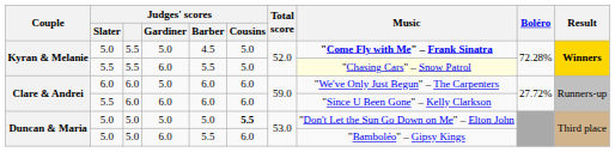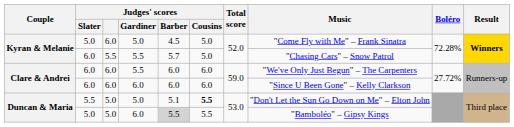 <table class="wikitable sortable" style="text-align:center; font-size:90%">
 <tr>
 <th scope="col" rowspan=2>Couple</th>
 <th scope="col" colspan=5 class="unsortable">Judges' scores</th>
 <th scope="col" rowspan=2>Total<br>score</th>
 <th scope="col" rowspan=2 class="unsortable">Music</th>
 <th scope="col" rowspan=2><a href='#'>Boléro</a></th>
 <th scope="col" rowspan=2 class="unsortable">Result</th>
 </tr>
 <tr>
 <th class="unsortable">Slater</th>
 <th class="unsortable"></th>
 <th class="unsortable">Gardiner</th>
 <th class="unsortable">Barber</th>
 <th class="unsortable">Cousins</th>
 </tr>
 <tr>
 <th scope="row" rowspan=2>Kyran & Melanie</th>
 <td>5.0</td>
-<td>5.5</td>
+<td>6.0</td>
 <td>5.0</td>
 <td>4.5</td>
 <td>5.0</td>
 <td rowspan=2>52.0</td>
-<td><strong>"<a href='#'>Come Fly with Me</a>" – <a href='#'>Frank Sinatra</a></strong></td>
+<td>"<a href='#'>Come Fly with Me</a>" – <a href='#'>Frank Sinatra</a></td>
 <td rowspan=2>72.28%</td>
 <td rowspan=2 bgcolor="gold"><strong>Winners</strong></td>
 </tr>
 <tr>
+<td>6.0</td>
 <td>5.5</td>
 <td>5.5</td>
-<td>6.0</td>
-<td>5.5</td>
+<td>5.7</td>
 <td>5.0</td>
-<td style="background: lightyellow;">"<a href='#'>Chasing Cars</a>" – <a href='#'>Snow Patrol</a></td>
+<td>"<a href='#'>Chasing Cars</a>" – <a href='#'>Snow Patrol</a></td>
 </tr>
 <tr>
 <th scope="row" rowspan=2>Clare & Andrei</th>
 <td>6.0</td>
 <td>6.0</td>
-<td>5.0</td>
+<td>5.5</td>
 <td>6.0</td>
 <td>6.0</td>
 <td rowspan=2>59.0</td>
 <td>"<a href='#'>We've Only Just Begun</a>" – <a href='#'>The Carpenters</a></td>
 <td rowspan=2>27.72%</td>
 <td rowspan=2 bgcolor="silver">Runners-up</td>
 </tr>
 <tr>
-<td>5.5</td>
+<td>6.0</td>
 <td>6.0</td>
 <td>6.0</td>
 <td>6.0</td>
 <td>6.0</td>
 <td>"<a href='#'>Since U Been Gone</a>" – <a href='#'>Kelly Clarkson</a></td>
 </tr>
 <tr>
 <th scope="row" rowspan=2>Duncan & Maria</th>
+<td>5.5</td>
 <td>5.0</td>
 <td>5.0</td>
-<td>5.0</td>
-<td>5.0</td>
+<td>5.1</td>
 <td><strong>5.5</strong></td>
 <td rowspan=2>53.0</td>
 <td>"<a href='#'>Don't Let the Sun Go Down on Me</a>" – <a href='#'>Elton John</a></td>
 <td rowspan=2 bgcolor="darkgray"></td>
 <td rowspan=2 bgcolor="tan">Third place</td>
 </tr>
 <tr>
 <td>5.0</td>
 <td>5.0</td>
 <td>6.0</td>
+<td style="background: lightgrey;">5.5</td>
 <td>5.5</td>
-<td>6.0</td>
 <td>"<a href='#'>Bamboléo</a>" – <a href='#'>Gipsy Kings</a></td>
 </tr>
 </table>
